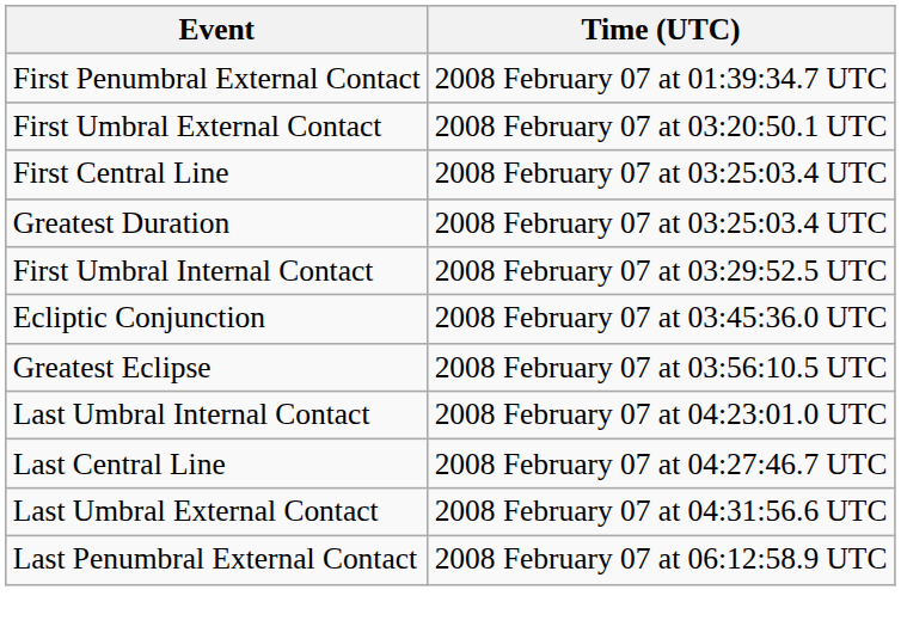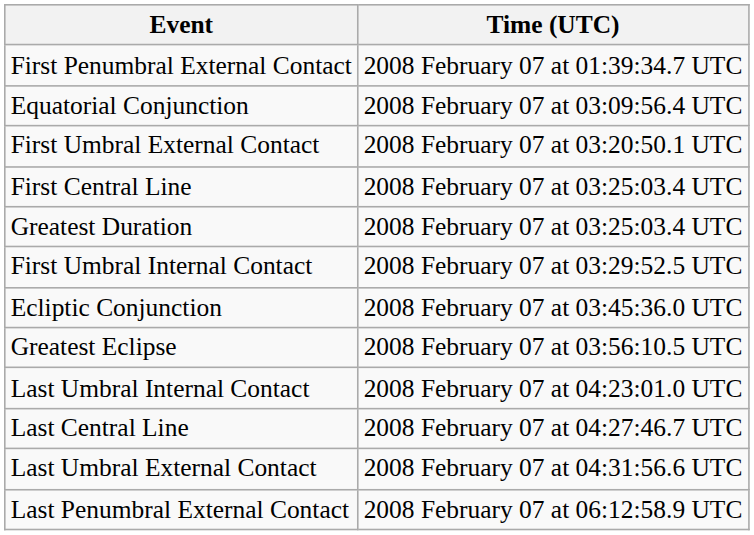 <table class="wikitable">
 <tr>
 <th>Event</th>
 <th>Time (UTC)</th>
 </tr>
 <tr>
 <td>First Penumbral External Contact</td>
 <td>2008 February 07 at 01:39:34.7 UTC</td>
+</tr>
+<tr>
+<td>Equatorial Conjunction</td>
+<td>2008 February 07 at 03:09:56.4 UTC</td>
 </tr>
 <tr>
 <td>First Umbral External Contact</td>
 <td>2008 February 07 at 03:20:50.1 UTC</td>
 </tr>
 <tr>
 <td>First Central Line</td>
 <td>2008 February 07 at 03:25:03.4 UTC</td>
 </tr>
 <tr>
 <td>Greatest Duration</td>
 <td>2008 February 07 at 03:25:03.4 UTC</td>
 </tr>
 <tr>
 <td>First Umbral Internal Contact</td>
 <td>2008 February 07 at 03:29:52.5 UTC</td>
 </tr>
 <tr>
 <td>Ecliptic Conjunction</td>
 <td>2008 February 07 at 03:45:36.0 UTC</td>
 </tr>
 <tr>
 <td>Greatest Eclipse</td>
 <td>2008 February 07 at 03:56:10.5 UTC</td>
 </tr>
 <tr>
 <td>Last Umbral Internal Contact</td>
 <td>2008 February 07 at 04:23:01.0 UTC</td>
 </tr>
 <tr>
 <td>Last Central Line</td>
 <td>2008 February 07 at 04:27:46.7 UTC</td>
 </tr>
 <tr>
 <td>Last Umbral External Contact</td>
 <td>2008 February 07 at 04:31:56.6 UTC</td>
 </tr>
 <tr>
 <td>Last Penumbral External Contact</td>
 <td>2008 February 07 at 06:12:58.9 UTC</td>
 </tr>
 </table>
